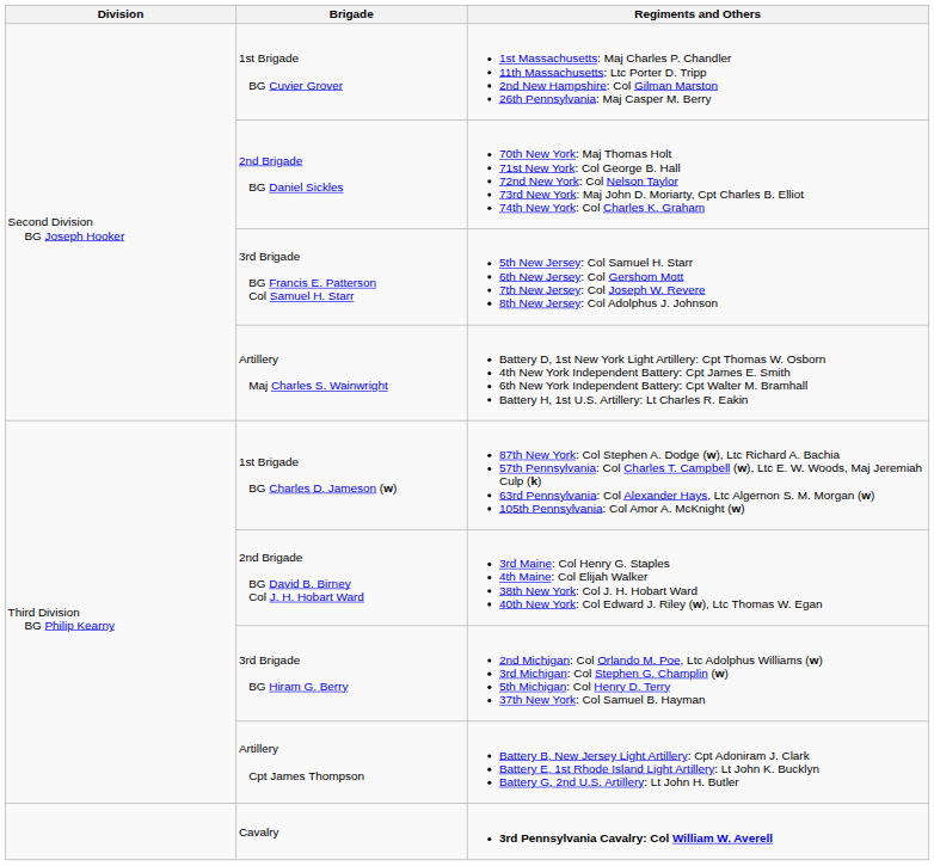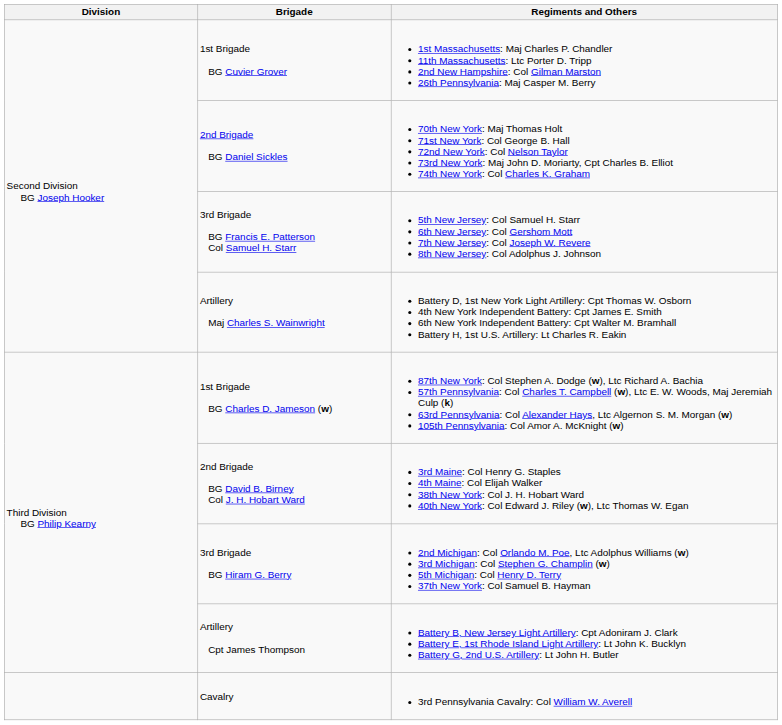 <table class="wikitable">
 <tr>
 <th style="width:25%;">Division</th>
 <th style="width:25%;">Brigade</th>
 <th>Regiments and Others</th>
 </tr>
 <tr>
 <td rowspan=4><br>Second Division <br>     BG <a href='#'>Joseph Hooker</a></td>
 <td>1st Brigade<br><br>   BG <a href='#'>Cuvier Grover</a></td>
 <td><br><ul><li><a href='#'>1st Massachusetts</a>: Maj Charles P. Chandler</li><li><a href='#'>11th Massachusetts</a>: Ltc Porter D. Tripp</li><li><a href='#'>2nd New Hampshire</a>: Col <a href='#'>Gilman Marston</a></li><li><a href='#'>26th Pennsylvania</a>: Maj Casper M. Berry</li></ul></td>
 </tr>
 <tr>
 <td><a href='#'>2nd Brigade</a><br><br>   BG <a href='#'>Daniel Sickles</a></td>
 <td><br><ul><li><a href='#'>70th New York</a>: Maj Thomas Holt</li><li><a href='#'>71st New York</a>: Col George B. Hall</li><li><a href='#'>72nd New York</a>: Col <a href='#'>Nelson Taylor</a></li><li><a href='#'>73rd New York</a>: Maj John D. Moriarty, Cpt Charles B. Elliot</li><li><a href='#'>74th New York</a>: Col <a href='#'>Charles K. Graham</a></li></ul></td>
 </tr>
 <tr>
 <td>3rd Brigade<br><br>   BG <a href='#'>Francis E. Patterson</a> <br>   Col <a href='#'>Samuel H. Starr</a></td>
 <td><br><ul><li><a href='#'>5th New Jersey</a>: Col Samuel H. Starr</li><li><a href='#'>6th New Jersey</a>: Col <a href='#'>Gershom Mott</a></li><li><a href='#'>7th New Jersey</a>: Col <a href='#'>Joseph W. Revere</a></li><li><a href='#'>8th New Jersey</a>: Col Adolphus J. Johnson</li></ul></td>
 </tr>
 <tr>
 <td>Artillery<br><br>   Maj <a href='#'>Charles S. Wainwright</a></td>
 <td><br><ul><li>Battery D, 1st New York Light Artillery: Cpt Thomas W. Osborn</li><li>4th New York Independent Battery: Cpt James E. Smith</li><li>6th New York Independent Battery: Cpt Walter M. Bramhall</li><li>Battery H, 1st U.S. Artillery: Lt Charles R. Eakin</li></ul></td>
 </tr>
 <tr>
 <td rowspan=4><br>Third Division <br>     BG <a href='#'>Philip Kearny</a></td>
 <td>1st Brigade<br><br>   BG <a href='#'>Charles D. Jameson</a> (<strong>w</strong>)</td>
 <td><br><ul><li><a href='#'>87th New York</a>: Col Stephen A. Dodge (<strong>w</strong>), Ltc Richard A. Bachia</li><li><a href='#'>57th Pennsylvania</a>: Col <a href='#'>Charles T. Campbell</a> (<strong>w</strong>), Ltc E. W. Woods, Maj Jeremiah Culp (<strong>k</strong>)</li><li><a href='#'>63rd Pennsylvania</a>: Col <a href='#'>Alexander Hays</a>, Ltc Algernon S. M. Morgan (<strong>w</strong>)</li><li><a href='#'>105th Pennsylvania</a>: Col Amor A. McKnight (<strong>w</strong>)</li></ul></td>
 </tr>
 <tr>
 <td>2nd Brigade<br><br>   BG <a href='#'>David B. Birney</a> <br>   Col <a href='#'>J. H. Hobart Ward</a></td>
 <td><br><ul><li><a href='#'>3rd Maine</a>: Col Henry G. Staples</li><li><a href='#'>4th Maine</a>: Col Elijah Walker</li><li><a href='#'>38th New York</a>: Col J. H. Hobart Ward</li><li><a href='#'>40th New York</a>: Col Edward J. Riley (<strong>w</strong>), Ltc Thomas W. Egan</li></ul></td>
 </tr>
 <tr>
 <td>3rd Brigade<br><br>   BG <a href='#'>Hiram G. Berry</a></td>
 <td><br><ul><li><a href='#'>2nd Michigan</a>: Col <a href='#'>Orlando M. Poe</a>, Ltc Adolphus Williams (<strong>w</strong>)</li><li><a href='#'>3rd Michigan</a>: Col <a href='#'>Stephen G. Champlin</a> (<strong>w</strong>)</li><li><a href='#'>5th Michigan</a>: Col <a href='#'>Henry D. Terry</a></li><li><a href='#'>37th New York</a>: Col Samuel B. Hayman</li></ul></td>
 </tr>
 <tr>
 <td>Artillery<br><br>   Cpt James Thompson</td>
 <td><br><ul><li><a href='#'>Battery B, New Jersey Light Artillery</a>: Cpt Adoniram J. Clark</li><li><a href='#'>Battery E, 1st Rhode Island Light Artillery</a>: Lt John K. Bucklyn</li><li><a href='#'>Battery G, 2nd U.S. Artillery</a>: Lt John H. Butler</li></ul></td>
 </tr>
 <tr>
 <td></td>
 <td>Cavalry</td>
-<td><strong><br><ul><li>3rd Pennsylvania Cavalry: Col <a href='#'>William W. Averell</a></li></ul></strong></td>
+<td><br><ul><li>3rd Pennsylvania Cavalry: Col <a href='#'>William W. Averell</a></li></ul></td>
 </tr>
 </table>
